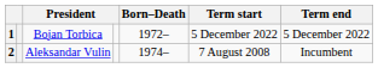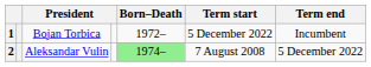 <table class="wikitable" style="text-align:center">
 <tr>
 <th colspan="2"></th>
 <th colspan="2">President</th>
 <th>Born–Death</th>
 <th>Term start</th>
 <th>Term end</th>
 </tr>
 <tr>
 <th>1</th>
 <th style="background:"></th>
 <td><a href='#'>Bojan Torbica</a></td>
 <td></td>
 <td>1972–</td>
 <td>5 December 2022</td>
-<td>5 December 2022</td>
+<td>Incumbent</td>
 </tr>
 <tr>
 <th>2</th>
 <th style="background:"></th>
 <td><a href='#'>Aleksandar Vulin</a></td>
 <td></td>
-<td>1974–</td>
+<td style="background: lightgreen;">1974–</td>
 <td>7 August 2008</td>
-<td>Incumbent</td>
+<td>5 December 2022</td>
 </tr>
 </table>
